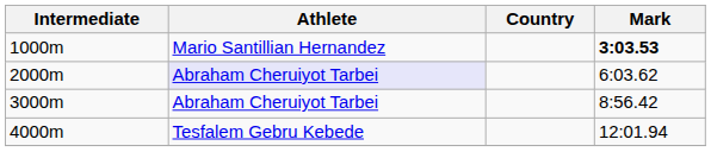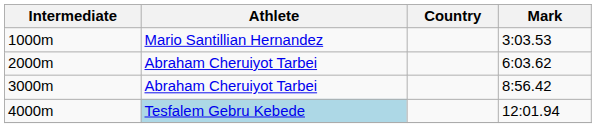 <table class="wikitable" width=50%>
 <tr>
 <th>Intermediate</th>
 <th>Athlete</th>
 <th>Country</th>
 <th>Mark</th>
 </tr>
 <tr>
 <td>1000m</td>
 <td><a href='#'>Mario Santillian Hernandez</a></td>
 <td></td>
-<td><strong>3:03.53</strong></td>
+<td>3:03.53</td>
 </tr>
 <tr>
 <td>2000m</td>
-<td style="background: lavender;"><a href='#'>Abraham Cheruiyot Tarbei</a></td>
+<td><a href='#'>Abraham Cheruiyot Tarbei</a></td>
 <td></td>
 <td>6:03.62</td>
 </tr>
 <tr>
 <td>3000m</td>
 <td><a href='#'>Abraham Cheruiyot Tarbei</a></td>
 <td></td>
 <td>8:56.42</td>
 </tr>
 <tr>
 <td>4000m</td>
-<td><a href='#'>Tesfalem Gebru Kebede</a></td>
+<td style="background: lightblue;"><a href='#'>Tesfalem Gebru Kebede</a></td>
 <td></td>
 <td>12:01.94</td>
 </tr>
 <tr>
 </tr>
 </table>
